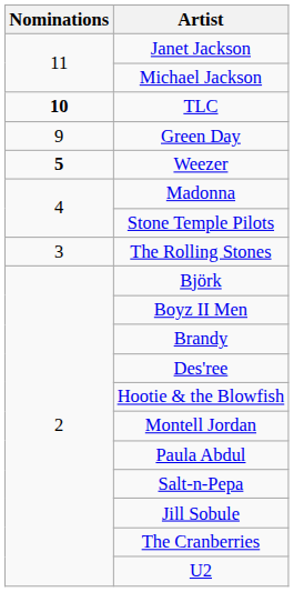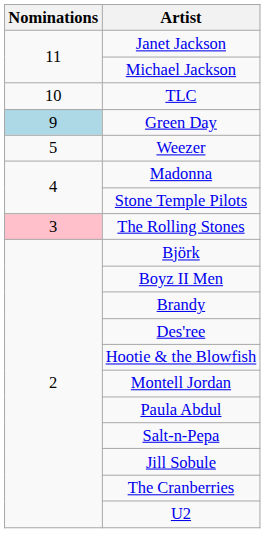 <table class="wikitable" rowspan="2" style="text-align:center">
 <tr>
 <th scope="col" style="width:55px;">Nominations</th>
 <th scope="col" style="text-align:center;">Artist</th>
 </tr>
 <tr>
 <td rowspan="2" style="text-align:center">11</td>
 <td><a href='#'>Janet Jackson</a></td>
 </tr>
 <tr>
 <td><a href='#'>Michael Jackson</a></td>
 </tr>
 <tr>
-<td style="text-align:center"><strong>10</strong></td>
+<td style="text-align:center">10</td>
 <td><a href='#'>TLC</a></td>
 </tr>
 <tr>
-<td style="text-align:center">9</td>
+<td style="background: lightblue; text-align:center">9</td>
 <td><a href='#'>Green Day</a></td>
 </tr>
 <tr>
-<td style="text-align:center"><strong>5</strong></td>
+<td style="text-align:center">5</td>
 <td><a href='#'>Weezer</a></td>
 </tr>
 <tr>
 <td rowspan="2" style="text-align:center">4</td>
 <td><a href='#'>Madonna</a></td>
 </tr>
 <tr>
 <td><a href='#'>Stone Temple Pilots</a></td>
 </tr>
 <tr>
-<td style="text-align:center">3</td>
+<td style="background: pink; text-align:center">3</td>
 <td><a href='#'>The Rolling Stones</a></td>
 </tr>
 <tr>
 <td rowspan="11" style="text-align:center">2</td>
 <td><a href='#'>Björk</a></td>
 </tr>
 <tr>
 <td><a href='#'>Boyz II Men</a></td>
 </tr>
 <tr>
 <td><a href='#'>Brandy</a></td>
 </tr>
 <tr>
 <td><a href='#'>Des'ree</a></td>
 </tr>
 <tr>
 <td><a href='#'>Hootie & the Blowfish</a></td>
 </tr>
 <tr>
 <td><a href='#'>Montell Jordan</a></td>
 </tr>
 <tr>
 <td><a href='#'>Paula Abdul</a></td>
 </tr>
 <tr>
 <td><a href='#'>Salt-n-Pepa</a></td>
 </tr>
 <tr>
 <td><a href='#'>Jill Sobule</a></td>
 </tr>
 <tr>
 <td><a href='#'>The Cranberries</a></td>
 </tr>
 <tr>
 <td><a href='#'>U2</a></td>
 </tr>
 </table>
